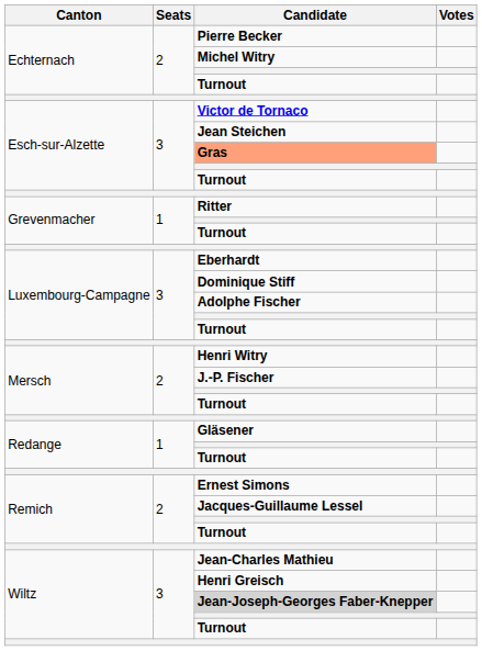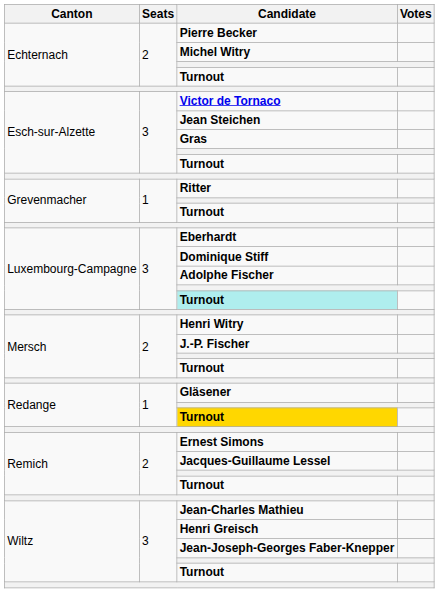 <table class="wikitable">
 <tr>
 <th>Canton</th>
 <th>Seats</th>
 <th>Candidate</th>
 <th>Votes</th>
 </tr>
 <tr>
 <td rowspan="4">Echternach</td>
 <td rowspan="4" align="left">2</td>
 <td><strong>Pierre Becker</strong></td>
 <td align="right"></td>
 </tr>
 <tr>
 <td><strong>Michel Witry</strong></td>
 <td align="right"></td>
 </tr>
 <tr>
 <th colspan="2"></th>
 </tr>
 <tr>
 <td><strong>Turnout</strong></td>
 <td align="right"></td>
 </tr>
 <tr>
 <th colspan="4"></th>
 </tr>
 <tr>
 <td rowspan="5">Esch-sur-Alzette</td>
 <td rowspan="5" align="left">3</td>
 <td><strong><a href='#'>Victor de Tornaco</a></strong></td>
 <td align="right"></td>
 </tr>
 <tr>
 <td><strong>Jean Steichen</strong></td>
 <td align="right"></td>
 </tr>
 <tr>
-<td style="background: lightsalmon;"><strong>Gras</strong></td>
+<td><strong>Gras</strong></td>
 <td align="right"></td>
 </tr>
 <tr>
 <th colspan="2"></th>
 </tr>
 <tr>
 <td><strong>Turnout</strong></td>
 <td align="right"></td>
 </tr>
 <tr>
 <th colspan="4"></th>
 </tr>
 <tr>
 <td rowspan="3">Grevenmacher</td>
 <td rowspan="3" align="left">1</td>
 <td><strong>Ritter</strong></td>
 <td align="right"></td>
 </tr>
 <tr>
 <th colspan="2"></th>
 </tr>
 <tr>
 <td><strong>Turnout</strong></td>
 <td align="right"></td>
 </tr>
 <tr>
 <th colspan="4"></th>
 </tr>
 <tr>
 <td rowspan="5">Luxembourg-Campagne</td>
 <td rowspan="5" align="left">3</td>
 <td><strong>Eberhardt</strong></td>
 <td align="right"></td>
 </tr>
 <tr>
 <td><strong>Dominique Stiff</strong></td>
 <td align="right"></td>
 </tr>
 <tr>
 <td><strong>Adolphe Fischer</strong></td>
 <td align="right"></td>
 </tr>
 <tr>
 <th colspan="2"></th>
 </tr>
 <tr>
-<td><strong>Turnout</strong></td>
+<td style="background: paleturquoise;"><strong>Turnout</strong></td>
 <td align="right"></td>
 </tr>
 <tr>
 <th colspan="4"></th>
 </tr>
 <tr>
 <td rowspan="4">Mersch</td>
 <td rowspan="4">2</td>
 <td><strong>Henri Witry</strong></td>
 <td align="right"></td>
 </tr>
 <tr>
 <td><strong>J.-P. Fischer</strong></td>
 <td align="right"></td>
 </tr>
 <tr>
 <th colspan="2"></th>
 </tr>
 <tr>
 <td><strong>Turnout</strong></td>
 <td align="right"></td>
 </tr>
 <tr>
 <th colspan="4"></th>
 </tr>
 <tr>
 <td rowspan="3">Redange</td>
 <td rowspan="3">1</td>
 <td><strong>Gläsener</strong></td>
 <td align="right"></td>
 </tr>
 <tr>
 <th colspan="2"></th>
 </tr>
 <tr>
-<td><strong>Turnout</strong></td>
+<td style="background: gold;"><strong>Turnout</strong></td>
 <td align="right"></td>
 </tr>
 <tr>
 <th colspan="4"></th>
 </tr>
 <tr>
 <td rowspan="4">Remich</td>
 <td rowspan="4">2</td>
 <td><strong>Ernest Simons</strong></td>
 <td align="right"></td>
 </tr>
 <tr>
 <td><strong>Jacques-Guillaume Lessel</strong></td>
 <td align="right"></td>
 </tr>
 <tr>
 <th colspan="2"></th>
 </tr>
 <tr>
 <td><strong>Turnout</strong></td>
 <td align="right"></td>
 </tr>
 <tr>
 <th colspan="4"></th>
 </tr>
 <tr>
 <td rowspan="5">Wiltz</td>
 <td rowspan="5">3</td>
 <td><strong>Jean-Charles Mathieu</strong></td>
 <td align="right"></td>
 </tr>
 <tr>
 <td><strong>Henri Greisch</strong></td>
 <td align="right"></td>
 </tr>
 <tr>
-<td style="background: lightgrey;"><strong>Jean-Joseph-Georges Faber-Knepper</strong></td>
+<td><strong>Jean-Joseph-Georges Faber-Knepper</strong></td>
 <td align="right"></td>
 </tr>
 <tr>
 <th colspan="2"></th>
 </tr>
 <tr>
 <td><strong>Turnout</strong></td>
 <td align="right"></td>
 </tr>
 <tr>
 <th colspan="4"></th>
 </tr>
 </table>
